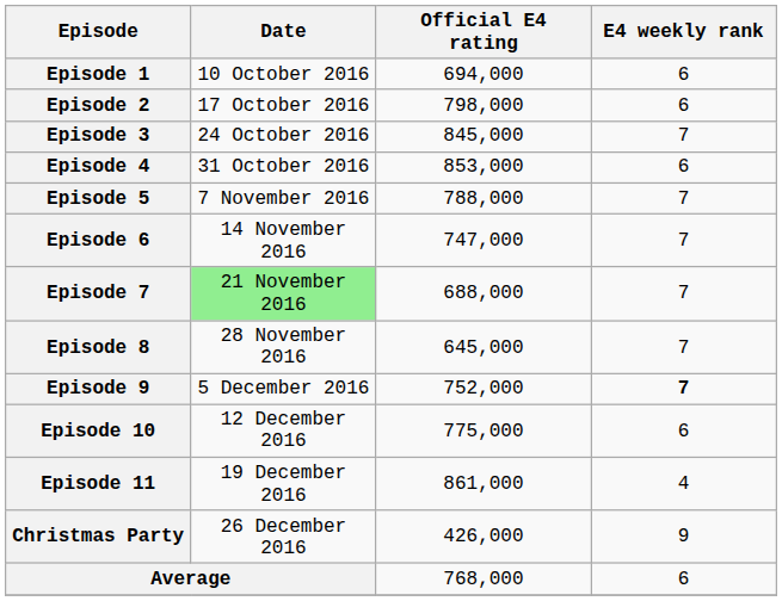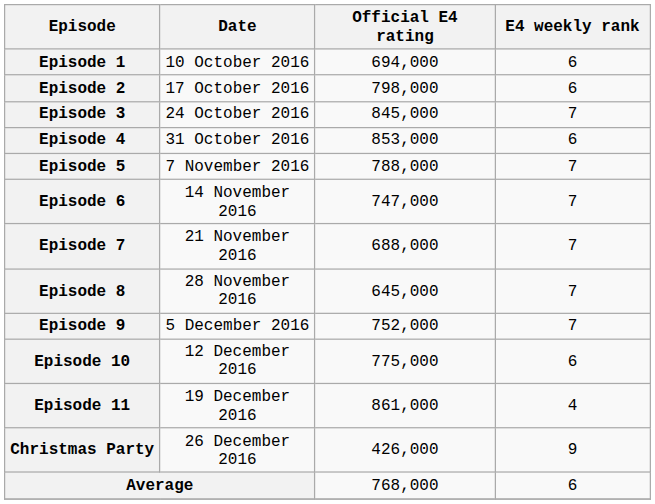 <table class="wikitable sortable" style="text-align:center">
 <tr>
 <th scope="col" style="width:120px;">Episode</th>
 <th scope="col" style="width:120px;">Date</th>
 <th scope="col" style="width:140px;">Official E4 rating</th>
 <th scope="col" style="width:120px;">E4 weekly rank</th>
 </tr>
 <tr>
 <th scope="row">Episode 1</th>
 <td>10 October 2016</td>
 <td>694,000</td>
 <td>6</td>
 </tr>
 <tr>
 <th scope="row">Episode 2</th>
 <td>17 October 2016</td>
 <td>798,000</td>
 <td>6</td>
 </tr>
 <tr>
 <th scope="row">Episode 3</th>
 <td>24 October 2016</td>
 <td>845,000</td>
 <td>7</td>
 </tr>
 <tr>
 <th scope="row">Episode 4</th>
 <td>31 October 2016</td>
 <td>853,000</td>
 <td>6</td>
 </tr>
 <tr>
 <th scope="row">Episode 5</th>
 <td>7 November 2016</td>
 <td>788,000</td>
 <td>7</td>
 </tr>
 <tr>
 <th scope="row">Episode 6</th>
 <td>14 November 2016</td>
 <td>747,000</td>
 <td>7</td>
 </tr>
 <tr>
 <th scope="row">Episode 7</th>
-<td style="background: lightgreen;">21 November 2016</td>
+<td>21 November 2016</td>
 <td>688,000</td>
 <td>7</td>
 </tr>
 <tr>
 <th scope="row">Episode 8</th>
 <td>28 November 2016</td>
 <td>645,000</td>
 <td>7</td>
 </tr>
 <tr>
 <th scope="row">Episode 9</th>
 <td>5 December 2016</td>
 <td>752,000</td>
-<td><strong>7</strong></td>
+<td>7</td>
 </tr>
 <tr>
 <th scope="row">Episode 10</th>
 <td>12 December 2016</td>
 <td>775,000</td>
 <td>6</td>
 </tr>
 <tr>
 <th scope="row">Episode 11</th>
 <td>19 December 2016</td>
 <td>861,000</td>
 <td>4</td>
 </tr>
 <tr>
 <th scope="row">Christmas Party</th>
 <td>26 December 2016</td>
 <td>426,000</td>
 <td>9</td>
 </tr>
 <tr>
 <th scope="row" colspan="2">Average</th>
 <td>768,000</td>
 <td>6</td>
 </tr>
 <tr>
 </tr>
 </table>
